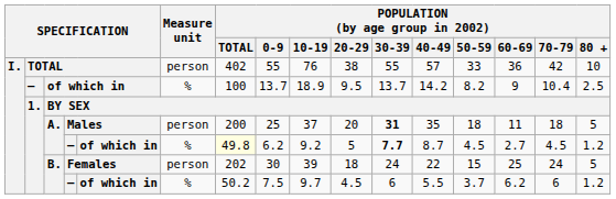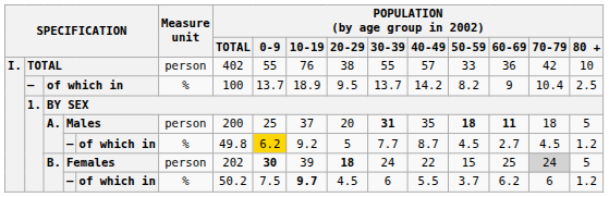 <table class="wikitable" style="font-size:85%; text-align:center">
 <tr>
 <th rowspan="2" colspan="5">SPECIFICATION</th>
 <th rowspan="2">Measure<br> unit</th>
 <th colspan="10" rowspan="1">POPULATION<br> (by age group in 2002)</th>
 </tr>
 <tr>
 <th>TOTAL</th>
 <th>0-9</th>
 <th>10-19</th>
 <th>20-29</th>
 <th>30-39</th>
 <th>40-49</th>
 <th>50-59</th>
 <th>60-69</th>
 <th>70-79</th>
 <th>80 +</th>
 </tr>
 <tr>
 <th style="text-align:left" valign="top" rowspan="7">I.</th>
 <th style="text-align:left" colspan="4">TOTAL</th>
 <td>person</td>
 <td>402</td>
 <td>55</td>
 <td>76</td>
 <td>38</td>
 <td>55</td>
 <td>57</td>
 <td>33</td>
 <td>36</td>
 <td>42</td>
 <td>10</td>
 </tr>
 <tr>
 <th style="text-align:left" valign="top">—</th>
 <th style="text-align:left" colspan="3">of which in</th>
 <td>%</td>
 <td>100</td>
 <td>13.7</td>
 <td>18.9</td>
 <td>9.5</td>
 <td>13.7</td>
 <td>14.2</td>
 <td>8.2</td>
 <td>9</td>
 <td>10.4</td>
 <td>2.5</td>
 </tr>
 <tr>
 <th style="text-align:left" valign="top" rowspan="5">1.</th>
 <th style="text-align:left" colspan="14">BY SEX</th>
 </tr>
 <tr>
 <th style="text-align:left" valign="top" rowspan="2">A.</th>
 <th style="text-align:left" colspan="2">Males</th>
 <td>person</td>
 <td>200</td>
 <td>25</td>
 <td>37</td>
 <td>20</td>
 <td><strong>31</strong></td>
 <td>35</td>
-<td>18</td>
-<td>11</td>
+<td><strong>18</strong></td>
+<td><strong>11</strong></td>
 <td>18</td>
 <td>5</td>
 </tr>
 <tr>
 <th style="text-align:left" valign="top">—</th>
 <th style="text-align:left" colspan="1">of which in</th>
 <td>%</td>
-<td style="background: lightyellow;">49.8</td>
-<td>6.2</td>
+<td>49.8</td>
+<td style="background: gold;">6.2</td>
 <td>9.2</td>
 <td>5</td>
-<td><strong>7.7</strong></td>
+<td>7.7</td>
 <td>8.7</td>
 <td>4.5</td>
 <td>2.7</td>
 <td>4.5</td>
 <td>1.2</td>
 </tr>
 <tr>
 <th style="text-align:left" valign="top" rowspan="2">B.</th>
 <th style="text-align:left" colspan="2">Females</th>
 <td>person</td>
 <td>202</td>
-<td>30</td>
+<td><strong>30</strong></td>
 <td>39</td>
-<td>18</td>
+<td><strong>18</strong></td>
 <td>24</td>
 <td>22</td>
 <td>15</td>
 <td>25</td>
-<td>24</td>
+<td style="background: lightgrey;">24</td>
 <td>5</td>
 </tr>
 <tr>
 <th style="text-align:left" valign="top">—</th>
 <th style="text-align:left" colspan="1">of which in</th>
 <td>%</td>
 <td>50.2</td>
 <td>7.5</td>
-<td>9.7</td>
+<td><strong>9.7</strong></td>
 <td>4.5</td>
 <td>6</td>
 <td>5.5</td>
 <td>3.7</td>
 <td>6.2</td>
 <td>6</td>
 <td>1.2</td>
 </tr>
 </table>
